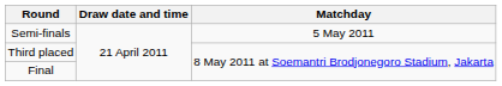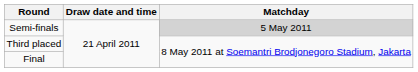 <table class="wikitable" style="text-align:center">
 <tr>
 <th>Round</th>
 <th>Draw date and time</th>
 <th>Matchday</th>
 </tr>
 <tr>
 <td>Semi-finals</td>
 <td rowspan=3>21 April 2011</td>
-<td>5 May 2011</td>
+<td style="background: lightgrey;">5 May 2011</td>
 </tr>
 <tr>
 <td>Third placed</td>
 <td rowspan=2>8 May 2011 at <a href='#'>Soemantri Brodjonegoro Stadium</a>, <a href='#'>Jakarta</a></td>
 </tr>
 <tr>
 <td>Final</td>
 </tr>
 </table>
